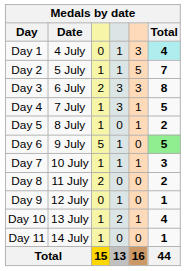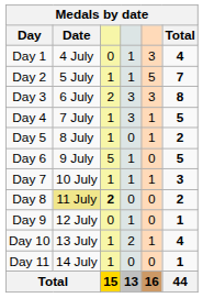 <table class=wikitable style="text-align:center;font-size:85%;float:right;clear:right;">
 <tr bgcolor=efefef>
 <th colspan=6><strong>Medals by date</strong></th>
 </tr>
 <tr>
 <th>Day</th>
 <th>Date</th>
 <td bgcolor=#f7f6a8></td>
 <td bgcolor=#dce5e5></td>
 <td bgcolor=#ffdab9></td>
 <th>Total</th>
 </tr>
 <tr>
 <td>Day 1</td>
 <td>4 July</td>
 <td bgcolor=F7F6A8>0</td>
 <td bgcolor=DCE5E5>1</td>
 <td bgcolor=FFDAB9>3</td>
-<td style="background: paleturquoise;"><strong>4</strong></td>
+<td><strong>4</strong></td>
 </tr>
 <tr>
 <td>Day 2</td>
 <td>5 July</td>
 <td bgcolor=F7F6A8>1</td>
 <td bgcolor=DCE5E5>1</td>
 <td bgcolor=FFDAB9>5</td>
 <td><strong>7</strong></td>
 </tr>
 <tr>
 <td>Day 3</td>
 <td>6 July</td>
 <td bgcolor=F7F6A8>2</td>
 <td bgcolor=DCE5E5>3</td>
 <td bgcolor=FFDAB9>3</td>
 <td><strong>8</strong></td>
 </tr>
 <tr>
 <td>Day 4</td>
 <td>7 July</td>
 <td bgcolor=F7F6A8>1</td>
 <td bgcolor=DCE5E5>3</td>
 <td bgcolor=FFDAB9>1</td>
 <td><strong>5</strong></td>
 </tr>
 <tr>
 <td>Day 5</td>
 <td>8 July</td>
 <td bgcolor=F7F6A8>1</td>
 <td bgcolor=DCE5E5>0</td>
 <td bgcolor=FFDAB9>1</td>
 <td><strong>2</strong></td>
 </tr>
 <tr>
 <td>Day 6</td>
 <td>9 July</td>
 <td bgcolor=F7F6A8>5</td>
 <td bgcolor=DCE5E5>1</td>
 <td bgcolor=FFDAB9>0</td>
-<td style="background: lightgreen;"><strong>5</strong></td>
+<td><strong>5</strong></td>
 </tr>
 <tr>
 <td>Day 7</td>
 <td>10 July</td>
 <td bgcolor=F7F6A8>1</td>
 <td bgcolor=DCE5E5>1</td>
 <td bgcolor=FFDAB9>1</td>
 <td><strong>3</strong></td>
 </tr>
 <tr>
 <td>Day 8</td>
-<td>11 July</td>
-<td bgcolor=F7F6A8>2</td>
+<td style="background: khaki;">11 July</td>
+<td bgcolor=F7F6A8><strong>2</strong></td>
 <td bgcolor=DCE5E5>0</td>
 <td bgcolor=FFDAB9>0</td>
 <td><strong>2</strong></td>
 </tr>
 <tr>
 <td>Day 9</td>
 <td>12 July</td>
 <td bgcolor=F7F6A8>0</td>
 <td bgcolor=DCE5E5>1</td>
 <td bgcolor=FFDAB9>0</td>
 <td><strong>1</strong></td>
 </tr>
 <tr>
 <td>Day 10</td>
 <td>13 July</td>
 <td bgcolor=F7F6A8>1</td>
 <td bgcolor=DCE5E5>2</td>
 <td bgcolor=FFDAB9>1</td>
 <td><strong>4</strong></td>
 </tr>
 <tr>
 <td>Day 11</td>
 <td>14 July</td>
 <td bgcolor=F7F6A8>1</td>
 <td bgcolor=DCE5E5>0</td>
 <td bgcolor=FFDAB9>0</td>
 <td><strong>1</strong></td>
 </tr>
 <tr>
 <th colspan=2>Total</th>
 <th style="background:gold">15</th>
 <th style="background:silver">13</th>
 <th style="background:#c96">16</th>
 <th>44</th>
 </tr>
 </table>
